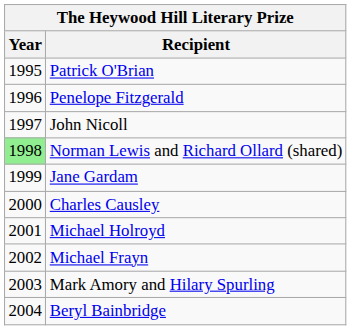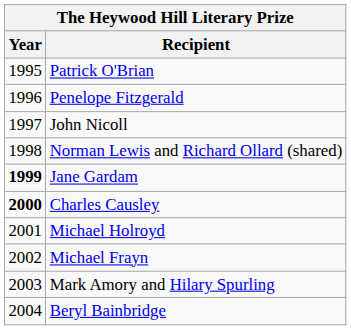 <table class="wikitable">
 <tr>
 <th colspan=2><strong>The Heywood Hill Literary Prize</strong></th>
 </tr>
 <tr>
 <th><strong>Year</strong></th>
 <th><strong>Recipient</strong></th>
 </tr>
 <tr>
 <td>1995</td>
 <td><a href='#'>Patrick O'Brian</a></td>
 </tr>
 <tr>
 <td>1996</td>
 <td><a href='#'>Penelope Fitzgerald</a></td>
 </tr>
 <tr>
 <td>1997</td>
 <td>John Nicoll</td>
 </tr>
 <tr>
-<td style="background: lightgreen;">1998</td>
+<td>1998</td>
 <td><a href='#'>Norman Lewis</a> and <a href='#'>Richard Ollard</a> (shared)</td>
 </tr>
 <tr>
-<td>1999</td>
+<td><strong>1999</strong></td>
 <td><a href='#'>Jane Gardam</a></td>
 </tr>
 <tr>
-<td>2000</td>
+<td><strong>2000</strong></td>
 <td><a href='#'>Charles Causley</a></td>
 </tr>
 <tr>
 <td>2001</td>
 <td><a href='#'>Michael Holroyd</a></td>
 </tr>
 <tr>
 <td>2002</td>
 <td><a href='#'>Michael Frayn</a></td>
 </tr>
 <tr>
 <td>2003</td>
 <td>Mark Amory and <a href='#'>Hilary Spurling</a></td>
 </tr>
 <tr>
 <td>2004</td>
 <td><a href='#'>Beryl Bainbridge</a></td>
 </tr>
 </table>
